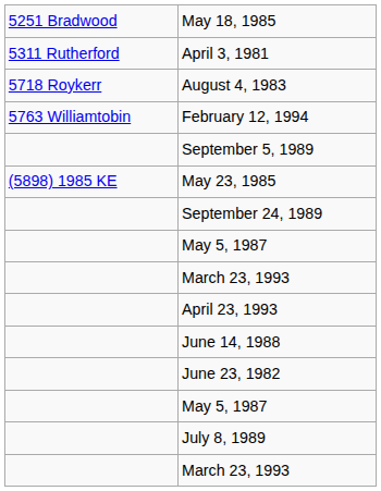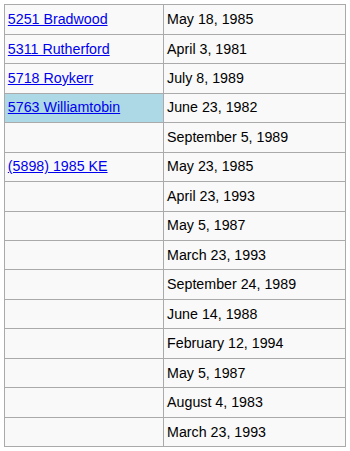 <table class="wikitable" style="font-size: 89%; float: left; width: 24em; margin-right: 1em; line-height: 1.6em !important;">
 <tr>
 <td><a href='#'>5251 Bradwood</a></td>
 <td>May 18, 1985</td>
 </tr>
 <tr>
 <td><a href='#'>5311 Rutherford</a></td>
 <td>April 3, 1981</td>
 </tr>
 <tr>
 <td><a href='#'>5718 Roykerr</a></td>
-<td>August 4, 1983</td>
+<td>July 8, 1989</td>
 </tr>
 <tr>
-<td><a href='#'>5763 Williamtobin</a></td>
-<td>February 12, 1994</td>
+<td style="background: lightblue;"><a href='#'>5763 Williamtobin</a></td>
+<td>June 23, 1982</td>
 </tr>
 <tr>
 <td></td>
 <td>September 5, 1989</td>
 </tr>
 <tr>
 <td><a href='#'>(5898) 1985 KE</a></td>
 <td>May 23, 1985</td>
 </tr>
 <tr>
 <td></td>
-<td>September 24, 1989</td>
+<td>April 23, 1993</td>
 </tr>
 <tr>
 <td></td>
 <td>May 5, 1987</td>
 </tr>
 <tr>
 <td></td>
 <td>March 23, 1993</td>
 </tr>
 <tr>
 <td></td>
-<td>April 23, 1993</td>
+<td>September 24, 1989</td>
 </tr>
 <tr>
 <td></td>
 <td>June 14, 1988</td>
 </tr>
 <tr>
 <td></td>
-<td>June 23, 1982</td>
+<td>February 12, 1994</td>
 </tr>
 <tr>
 <td></td>
 <td>May 5, 1987</td>
 </tr>
 <tr>
 <td></td>
-<td>July 8, 1989</td>
+<td>August 4, 1983</td>
 </tr>
 <tr>
 <td></td>
 <td>March 23, 1993</td>
 </tr>
 </table>
